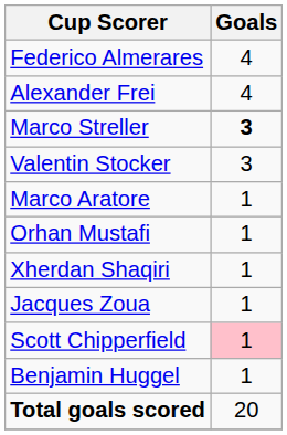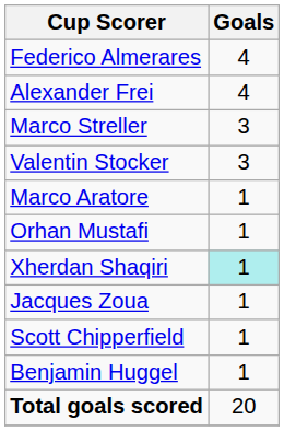 <table class="wikitable">
 <tr>
 <th>Cup Scorer</th>
 <th>Goals</th>
 </tr>
 <tr>
 <td> <a href='#'>Federico Almerares</a></td>
 <td style="text-align:center;">4</td>
 </tr>
 <tr>
 <td> <a href='#'>Alexander Frei</a></td>
 <td style="text-align:center;">4</td>
 </tr>
 <tr>
 <td> <a href='#'>Marco Streller</a></td>
-<td style="text-align:center;"><strong>3</strong></td>
+<td style="text-align:center;">3</td>
 </tr>
 <tr>
 <td> <a href='#'>Valentin Stocker</a></td>
 <td style="text-align:center;">3</td>
 </tr>
 <tr>
 <td> <a href='#'>Marco Aratore</a></td>
 <td style="text-align:center;">1</td>
 </tr>
 <tr>
 <td> <a href='#'>Orhan Mustafi</a></td>
 <td style="text-align:center;">1</td>
 </tr>
 <tr>
 <td> <a href='#'>Xherdan Shaqiri</a></td>
-<td style="text-align:center;">1</td>
+<td style="background: paleturquoise; text-align:center;">1</td>
 </tr>
 <tr>
 <td> <a href='#'>Jacques Zoua</a></td>
 <td style="text-align:center;">1</td>
 </tr>
 <tr>
 <td> <a href='#'>Scott Chipperfield</a></td>
-<td style="background: pink; text-align:center;">1</td>
+<td style="text-align:center;">1</td>
 </tr>
 <tr>
 <td> <a href='#'>Benjamin Huggel</a></td>
 <td style="text-align:center;">1</td>
 </tr>
 <tr>
 <td><strong>Total goals scored</strong></td>
 <td style="text-align:center;">20</td>
 </tr>
 <tr>
 </tr>
 </table>
